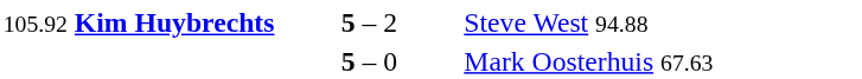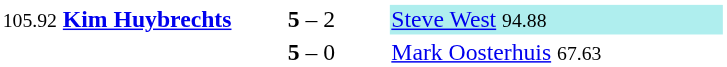 <table style="text-align:center">
 <tr>
 <th width=223></th>
 <th width=100></th>
 <th width=223></th>
 </tr>
 <tr>
 <td align=right><small><span>105.92</span></small> <strong><a href='#'>Kim Huybrechts</a></strong> </td>
 <td><strong>5</strong> – 2</td>
-<td align=left> <a href='#'>Steve West</a> <small><span>94.88</span></small></td>
+<td align=left style="background: paleturquoise;"> <a href='#'>Steve West</a> <small><span>94.88</span></small></td>
 </tr>
 <tr>
 <td align=right></td>
 <td><strong>5</strong> – 0</td>
 <td align=left> <a href='#'>Mark Oosterhuis</a> <small><span>67.63</span></small></td>
 </tr>
 </table>
